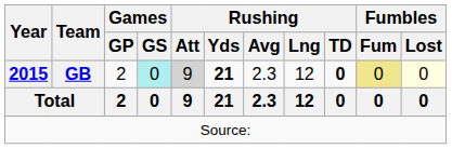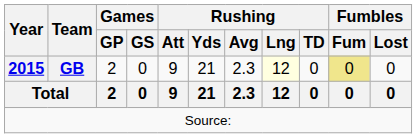 <table class="wikitable" style="text-align: center;">
 <tr>
 <th rowspan="2">Year</th>
 <th rowspan="2">Team</th>
 <th colspan="2">Games</th>
 <th colspan="5">Rushing</th>
 <th colspan="2">Fumbles</th>
 </tr>
 <tr>
 <th>GP</th>
 <th>GS</th>
 <th>Att</th>
 <th>Yds</th>
 <th>Avg</th>
 <th>Lng</th>
 <th>TD</th>
 <th>Fum</th>
 <th>Lost</th>
 </tr>
 <tr>
 <th><a href='#'>2015</a></th>
 <th><a href='#'>GB</a></th>
 <td>2</td>
-<td style="background: paleturquoise;">0</td>
-<td style="background: lightgrey;">9</td>
-<td><strong>21</strong></td>
+<td>0</td>
+<td>9</td>
+<td>21</td>
 <td>2.3</td>
-<td>12</td>
-<td><strong>0</strong></td>
+<td style="background: lightyellow;">12</td>
+<td>0</td>
 <td style="background: khaki;">0</td>
-<td style="background: lightyellow;">0</td>
+<td>0</td>
 </tr>
 <tr>
 <th colspan="2">Total</th>
 <th>2</th>
 <th>0</th>
 <th>9</th>
 <th>21</th>
 <th>2.3</th>
 <th>12</th>
 <th>0</th>
 <th>0</th>
 <th>0</th>
 </tr>
 <tr>
 <td colspan="11"><small>Source: </small></td>
 </tr>
 </table>
